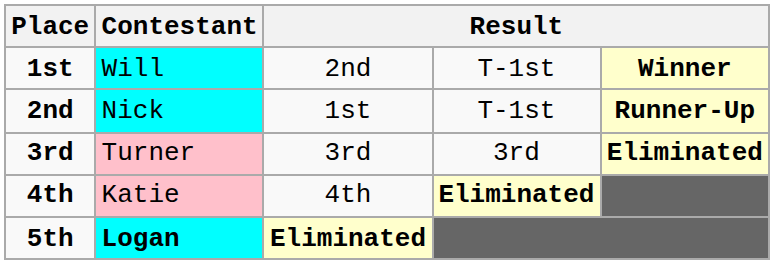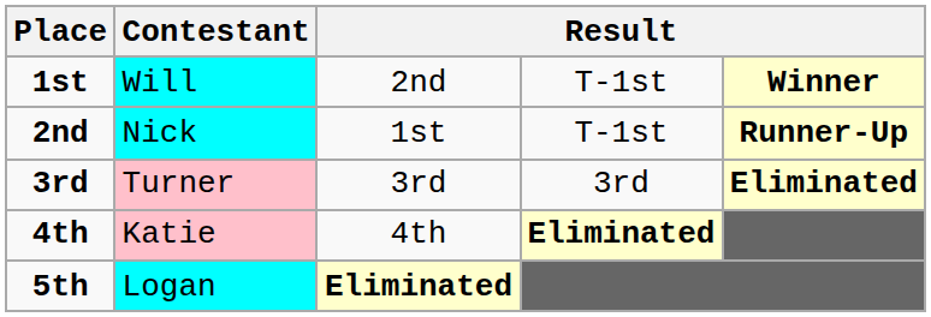 <table class="wikitable">
 <tr>
 <th>Place</th>
 <th>Contestant</th>
 <th colspan="14" align="center">Result</th>
 </tr>
 <tr>
 <td align="center"><strong>1st</strong></td>
 <td bgcolor="cyan">Will</td>
 <td align="center">2nd</td>
 <td align="center">T-1st</td>
 <td bgcolor="FFFFCC" align="center"><strong>Winner</strong></td>
 </tr>
 <tr>
 <td align="center"><strong>2nd</strong></td>
 <td bgcolor="cyan">Nick</td>
 <td align="center">1st</td>
 <td align="center">T-1st</td>
 <td bgcolor="FFFFCC" align="center"><strong>Runner-Up</strong></td>
 </tr>
 <tr>
 <td align="center"><strong>3rd</strong></td>
 <td bgcolor="pink">Turner</td>
 <td align="center">3rd</td>
 <td align="center">3rd</td>
 <td bgcolor="FFFFCC" align="center"><strong>Eliminated</strong></td>
 </tr>
 <tr>
 <td align="center"><strong>4th</strong></td>
 <td bgcolor="pink">Katie</td>
 <td align="center">4th</td>
 <td bgcolor="FFFFCC" align="center"><strong>Eliminated</strong></td>
 <td colspan="1" bgcolor="666666"></td>
 </tr>
 <tr>
 <td align="center"><strong>5th</strong></td>
-<td bgcolor="cyan"><strong>Logan</strong></td>
+<td bgcolor="cyan">Logan</td>
 <td bgcolor="FFFFCC" align="center"><strong>Eliminated</strong></td>
 <td colspan="2" bgcolor="666666"></td>
 </tr>
 </table>
